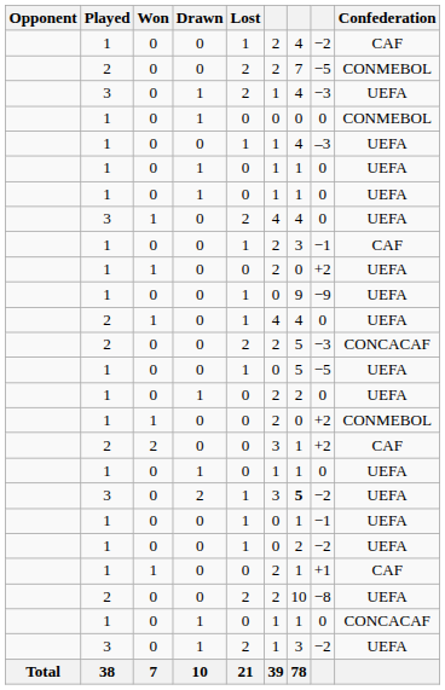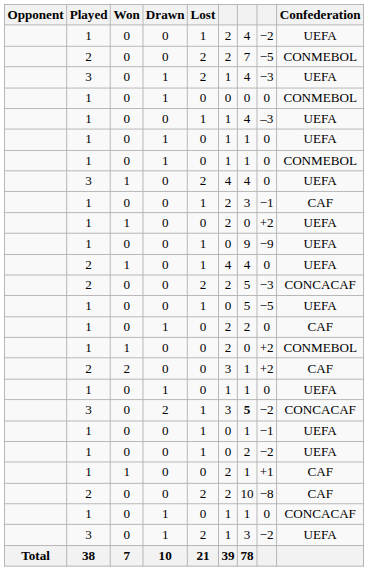 <table class="wikitable sortable collapsible" style="text-align:center;">
 <tr>
 <th>Opponent</th>
 <th>Played</th>
 <th>Won</th>
 <th>Drawn</th>
 <th>Lost</th>
 <th></th>
 <th></th>
 <th></th>
 <th>Confederation</th>
 </tr>
 <tr>
 <td style="text-align:left;"></td>
 <td>1</td>
 <td>0</td>
 <td>0</td>
 <td>1</td>
 <td>2</td>
 <td>4</td>
 <td>−2</td>
-<td>CAF</td>
+<td>UEFA</td>
 </tr>
 <tr>
 <td style="text-align:left;"></td>
 <td>2</td>
 <td>0</td>
 <td>0</td>
 <td>2</td>
 <td>2</td>
 <td>7</td>
 <td>−5</td>
 <td>CONMEBOL</td>
 </tr>
 <tr>
 <td style="text-align:left;"></td>
 <td>3</td>
 <td>0</td>
 <td>1</td>
 <td>2</td>
 <td>1</td>
 <td>4</td>
 <td>−3</td>
 <td>UEFA</td>
 </tr>
 <tr>
 <td style="text-align:left;"></td>
 <td>1</td>
 <td>0</td>
 <td>1</td>
 <td>0</td>
 <td>0</td>
 <td>0</td>
 <td>0</td>
 <td>CONMEBOL</td>
 </tr>
 <tr>
 <td style="text-align:left;"></td>
 <td>1</td>
 <td>0</td>
 <td>0</td>
 <td>1</td>
 <td>1</td>
 <td>4</td>
 <td>–3</td>
 <td>UEFA</td>
 </tr>
 <tr>
 <td style="text-align:left;"></td>
 <td>1</td>
 <td>0</td>
 <td>1</td>
 <td>0</td>
 <td>1</td>
 <td>1</td>
 <td>0</td>
 <td>UEFA</td>
 </tr>
 <tr>
 <td style="text-align:left;"></td>
 <td>1</td>
 <td>0</td>
 <td>1</td>
 <td>0</td>
 <td>1</td>
 <td>1</td>
 <td>0</td>
-<td>UEFA</td>
+<td>CONMEBOL</td>
 </tr>
 <tr>
 <td style="text-align:left;"></td>
 <td>3</td>
 <td>1</td>
 <td>0</td>
 <td>2</td>
 <td>4</td>
 <td>4</td>
 <td>0</td>
 <td>UEFA</td>
 </tr>
 <tr>
 <td style="text-align:left;"></td>
 <td>1</td>
 <td>0</td>
 <td>0</td>
 <td>1</td>
 <td>2</td>
 <td>3</td>
 <td>−1</td>
 <td>CAF</td>
 </tr>
 <tr>
 <td style="text-align:left;"></td>
 <td>1</td>
 <td>1</td>
 <td>0</td>
 <td>0</td>
 <td>2</td>
 <td>0</td>
 <td>+2</td>
 <td>UEFA</td>
 </tr>
 <tr>
 <td style="text-align:left;"></td>
 <td>1</td>
 <td>0</td>
 <td>0</td>
 <td>1</td>
 <td>0</td>
 <td>9</td>
 <td>−9</td>
 <td>UEFA</td>
 </tr>
 <tr>
 <td style="text-align:left;"></td>
 <td>2</td>
 <td>1</td>
 <td>0</td>
 <td>1</td>
 <td>4</td>
 <td>4</td>
 <td>0</td>
 <td>UEFA</td>
 </tr>
 <tr>
 <td style="text-align:left;"></td>
 <td>2</td>
 <td>0</td>
 <td>0</td>
 <td>2</td>
 <td>2</td>
 <td>5</td>
 <td>−3</td>
 <td>CONCACAF</td>
 </tr>
 <tr>
 <td style="text-align:left;"></td>
 <td>1</td>
 <td>0</td>
 <td>0</td>
 <td>1</td>
 <td>0</td>
 <td>5</td>
 <td>−5</td>
 <td>UEFA</td>
 </tr>
 <tr>
 <td style="text-align:left;"></td>
 <td>1</td>
 <td>0</td>
 <td>1</td>
 <td>0</td>
 <td>2</td>
 <td>2</td>
 <td>0</td>
-<td>UEFA</td>
+<td>CAF</td>
 </tr>
 <tr>
 <td style="text-align:left;"></td>
 <td>1</td>
 <td>1</td>
 <td>0</td>
 <td>0</td>
 <td>2</td>
 <td>0</td>
 <td>+2</td>
 <td>CONMEBOL</td>
 </tr>
 <tr>
 <td style="text-align:left;"></td>
 <td>2</td>
 <td>2</td>
 <td>0</td>
 <td>0</td>
 <td>3</td>
 <td>1</td>
 <td>+2</td>
 <td>CAF</td>
 </tr>
 <tr>
 <td style="text-align:left;"></td>
 <td>1</td>
 <td>0</td>
 <td>1</td>
 <td>0</td>
 <td>1</td>
 <td>1</td>
 <td>0</td>
 <td>UEFA</td>
 </tr>
 <tr>
 <td style="text-align:left;"></td>
 <td>3</td>
 <td>0</td>
 <td>2</td>
 <td>1</td>
 <td>3</td>
 <td><strong>5</strong></td>
 <td>−2</td>
-<td>UEFA</td>
+<td>CONCACAF</td>
 </tr>
 <tr>
 <td style="text-align:left;"></td>
 <td>1</td>
 <td>0</td>
 <td>0</td>
 <td>1</td>
 <td>0</td>
 <td>1</td>
 <td>−1</td>
 <td>UEFA</td>
 </tr>
 <tr>
 <td style="text-align:left;"></td>
 <td>1</td>
 <td>0</td>
 <td>0</td>
 <td>1</td>
 <td>0</td>
 <td>2</td>
 <td>−2</td>
 <td>UEFA</td>
 </tr>
 <tr>
 <td style="text-align:left;"></td>
 <td>1</td>
 <td>1</td>
 <td>0</td>
 <td>0</td>
 <td>2</td>
 <td>1</td>
 <td>+1</td>
 <td>CAF</td>
 </tr>
 <tr>
 <td style="text-align:left;"></td>
 <td>2</td>
 <td>0</td>
 <td>0</td>
 <td>2</td>
 <td>2</td>
 <td>10</td>
 <td>−8</td>
-<td>UEFA</td>
+<td>CAF</td>
 </tr>
 <tr>
 <td style="text-align:left;"></td>
 <td>1</td>
 <td>0</td>
 <td>1</td>
 <td>0</td>
 <td>1</td>
 <td>1</td>
 <td>0</td>
 <td>CONCACAF</td>
 </tr>
 <tr>
 <td style="text-align:left;"></td>
 <td>3</td>
 <td>0</td>
 <td>1</td>
 <td>2</td>
 <td>1</td>
 <td>3</td>
 <td>−2</td>
 <td>UEFA</td>
 </tr>
 <tr>
 <th>Total</th>
 <th>38</th>
 <th>7</th>
 <th>10</th>
 <th>21</th>
 <th>39</th>
 <th>78</th>
 <th></th>
 <th></th>
 </tr>
 </table>
